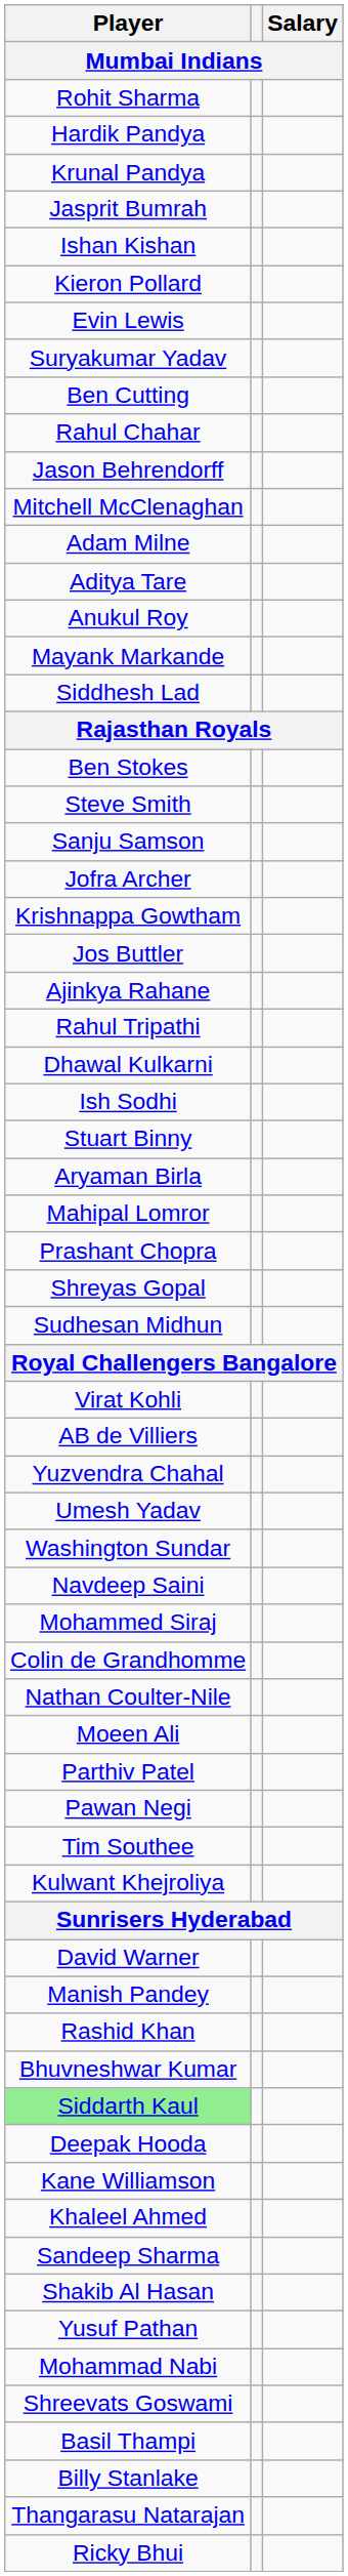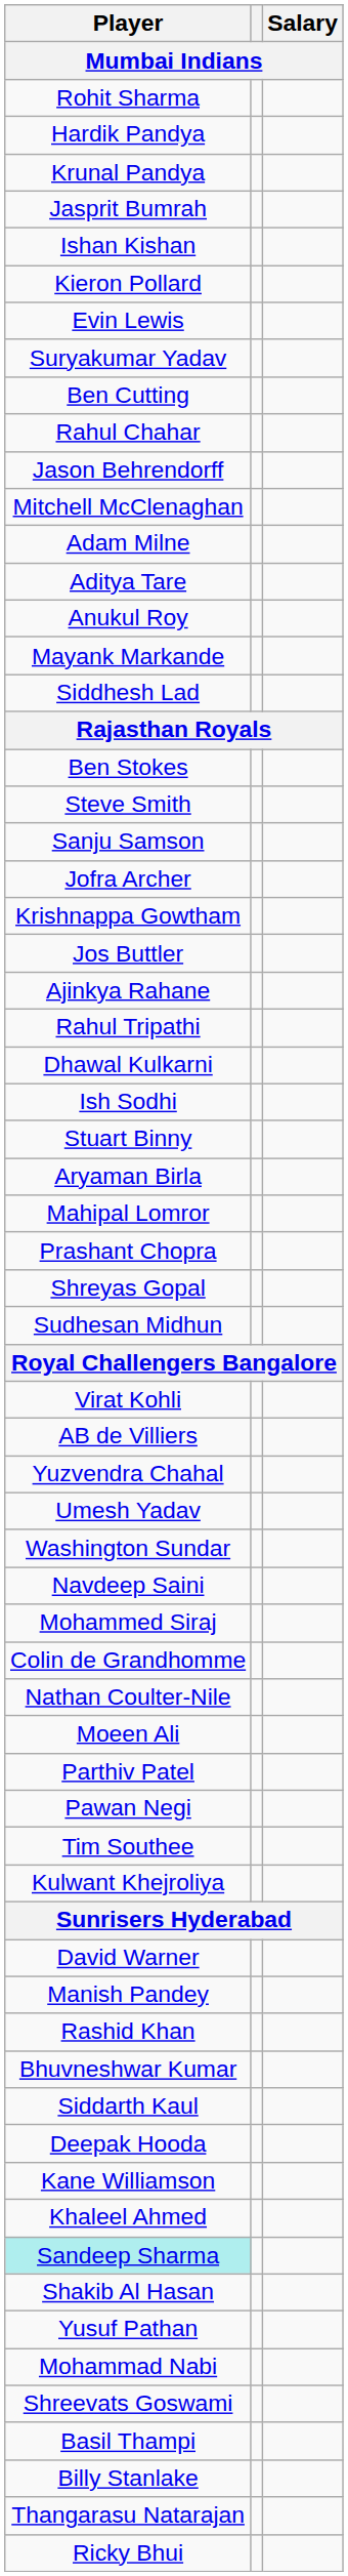 <table class="wikitable collapsible"  style="text-align:center">
 <tr>
 <th style="text-align:center;">Player</th>
 <th style="text-align:center;"></th>
 <th style="text-align:center;">Salary</th>
 </tr>
 <tr>
 <th colspan="5"><strong><a href='#'>Mumbai Indians</a></strong></th>
 </tr>
 <tr>
 <td><a href='#'>Rohit Sharma</a></td>
 <td></td>
 <td></td>
 </tr>
 <tr>
 <td><a href='#'>Hardik Pandya</a></td>
 <td></td>
 <td></td>
 </tr>
 <tr>
 <td><a href='#'>Krunal Pandya</a></td>
 <td></td>
 <td></td>
 </tr>
 <tr>
 <td><a href='#'>Jasprit Bumrah</a></td>
 <td></td>
 <td></td>
 </tr>
 <tr>
 <td><a href='#'>Ishan Kishan</a></td>
 <td></td>
 <td></td>
 </tr>
 <tr>
 <td><a href='#'>Kieron Pollard</a></td>
 <td></td>
 <td></td>
 </tr>
 <tr>
 <td><a href='#'>Evin Lewis</a></td>
 <td></td>
 <td></td>
 </tr>
 <tr>
 <td><a href='#'>Suryakumar Yadav</a></td>
 <td></td>
 <td></td>
 </tr>
 <tr>
 <td><a href='#'>Ben Cutting</a></td>
 <td></td>
 <td></td>
 </tr>
 <tr>
 <td><a href='#'>Rahul Chahar</a></td>
 <td></td>
 <td></td>
 </tr>
 <tr>
 <td><a href='#'>Jason Behrendorff</a></td>
 <td></td>
 <td></td>
 </tr>
 <tr>
 <td><a href='#'>Mitchell McClenaghan</a></td>
 <td></td>
 <td></td>
 </tr>
 <tr>
 <td><a href='#'>Adam Milne</a></td>
 <td></td>
 <td></td>
 </tr>
 <tr>
 <td><a href='#'>Aditya Tare</a></td>
 <td></td>
 <td></td>
 </tr>
 <tr>
 <td><a href='#'>Anukul Roy</a></td>
 <td></td>
 <td></td>
 </tr>
 <tr>
 <td><a href='#'>Mayank Markande</a></td>
 <td></td>
 <td></td>
 </tr>
 <tr>
 <td><a href='#'>Siddhesh Lad</a></td>
 <td></td>
 <td></td>
 </tr>
 <tr>
 <th colspan="5"><strong><a href='#'>Rajasthan Royals</a></strong></th>
 </tr>
 <tr>
 <td><a href='#'>Ben Stokes</a></td>
 <td></td>
 <td></td>
 </tr>
 <tr>
 <td><a href='#'>Steve Smith</a></td>
 <td></td>
 <td></td>
 </tr>
 <tr>
 <td><a href='#'>Sanju Samson</a></td>
 <td></td>
 <td></td>
 </tr>
 <tr>
 <td><a href='#'>Jofra Archer</a></td>
 <td></td>
 <td></td>
 </tr>
 <tr>
 <td><a href='#'>Krishnappa Gowtham</a></td>
 <td></td>
 <td></td>
 </tr>
 <tr>
 <td><a href='#'>Jos Buttler</a></td>
 <td></td>
 <td></td>
 </tr>
 <tr>
 <td><a href='#'>Ajinkya Rahane</a></td>
 <td></td>
 <td></td>
 </tr>
 <tr>
 <td><a href='#'>Rahul Tripathi</a></td>
 <td></td>
 <td></td>
 </tr>
 <tr>
 <td><a href='#'>Dhawal Kulkarni</a></td>
 <td></td>
 <td></td>
 </tr>
 <tr>
 <td><a href='#'>Ish Sodhi</a></td>
 <td></td>
 <td></td>
 </tr>
 <tr>
 <td><a href='#'>Stuart Binny</a></td>
 <td></td>
 <td></td>
 </tr>
 <tr>
 <td><a href='#'>Aryaman Birla</a></td>
 <td></td>
 <td></td>
 </tr>
 <tr>
 <td><a href='#'>Mahipal Lomror</a></td>
 <td></td>
 <td></td>
 </tr>
 <tr>
 <td><a href='#'>Prashant Chopra</a></td>
 <td></td>
 <td></td>
 </tr>
 <tr>
 <td><a href='#'>Shreyas Gopal</a></td>
 <td></td>
 <td></td>
 </tr>
 <tr>
 <td><a href='#'>Sudhesan Midhun</a></td>
 <td></td>
 <td></td>
 </tr>
 <tr>
 <th colspan="5"><strong><a href='#'>Royal Challengers Bangalore</a></strong></th>
 </tr>
 <tr>
 <td><a href='#'>Virat Kohli</a></td>
 <td></td>
 <td></td>
 </tr>
 <tr>
 <td><a href='#'>AB de Villiers</a></td>
 <td></td>
 <td></td>
 </tr>
 <tr>
 <td><a href='#'>Yuzvendra Chahal</a></td>
 <td></td>
 <td></td>
 </tr>
 <tr>
 <td><a href='#'>Umesh Yadav</a></td>
 <td></td>
 <td></td>
 </tr>
 <tr>
 <td><a href='#'>Washington Sundar</a></td>
 <td></td>
 <td></td>
 </tr>
 <tr>
 <td><a href='#'>Navdeep Saini</a></td>
 <td></td>
 <td></td>
 </tr>
 <tr>
 <td><a href='#'>Mohammed Siraj</a></td>
 <td></td>
 <td></td>
 </tr>
 <tr>
 <td><a href='#'>Colin de Grandhomme</a></td>
 <td></td>
 <td></td>
 </tr>
 <tr>
 <td><a href='#'>Nathan Coulter-Nile</a></td>
 <td></td>
 <td></td>
 </tr>
 <tr>
 <td><a href='#'>Moeen Ali</a></td>
 <td></td>
 <td></td>
 </tr>
 <tr>
 <td><a href='#'>Parthiv Patel</a></td>
 <td></td>
 <td></td>
 </tr>
 <tr>
 <td><a href='#'>Pawan Negi</a></td>
 <td></td>
 <td></td>
 </tr>
 <tr>
 <td><a href='#'>Tim Southee</a></td>
 <td></td>
 <td></td>
 </tr>
 <tr>
 <td><a href='#'>Kulwant Khejroliya</a></td>
 <td></td>
 <td></td>
 </tr>
 <tr>
 <th colspan="5"><strong><a href='#'>Sunrisers Hyderabad</a></strong></th>
 </tr>
 <tr>
 <td><a href='#'>David Warner</a></td>
 <td></td>
 <td></td>
 </tr>
 <tr>
 <td><a href='#'>Manish Pandey</a></td>
 <td></td>
 <td></td>
 </tr>
 <tr>
 <td><a href='#'>Rashid Khan</a></td>
 <td></td>
 <td></td>
 </tr>
 <tr>
 <td><a href='#'>Bhuvneshwar Kumar</a></td>
 <td></td>
 <td></td>
 </tr>
 <tr>
-<td style="background: lightgreen;"><a href='#'>Siddarth Kaul</a></td>
+<td><a href='#'>Siddarth Kaul</a></td>
 <td></td>
 <td></td>
 </tr>
 <tr>
 <td><a href='#'>Deepak Hooda</a></td>
 <td></td>
 <td></td>
 </tr>
 <tr>
 <td><a href='#'>Kane Williamson</a></td>
 <td></td>
 <td></td>
 </tr>
 <tr>
 <td><a href='#'>Khaleel Ahmed</a></td>
 <td></td>
 <td></td>
 </tr>
 <tr>
-<td><a href='#'>Sandeep Sharma</a></td>
+<td style="background: paleturquoise;"><a href='#'>Sandeep Sharma</a></td>
 <td></td>
 <td></td>
 </tr>
 <tr>
 <td><a href='#'>Shakib Al Hasan</a></td>
 <td></td>
 <td></td>
 </tr>
 <tr>
 <td><a href='#'>Yusuf Pathan</a></td>
 <td></td>
 <td></td>
 </tr>
 <tr>
 <td><a href='#'>Mohammad Nabi</a></td>
 <td></td>
 <td></td>
 </tr>
 <tr>
 <td><a href='#'>Shreevats Goswami</a></td>
 <td></td>
 <td></td>
 </tr>
 <tr>
 <td><a href='#'>Basil Thampi</a></td>
 <td></td>
 <td></td>
 </tr>
 <tr>
 <td><a href='#'>Billy Stanlake</a></td>
 <td></td>
 <td></td>
 </tr>
 <tr>
 <td><a href='#'>Thangarasu Natarajan</a></td>
 <td></td>
 <td></td>
 </tr>
 <tr>
 <td><a href='#'>Ricky Bhui</a></td>
 <td></td>
 <td></td>
 </tr>
 </table>
